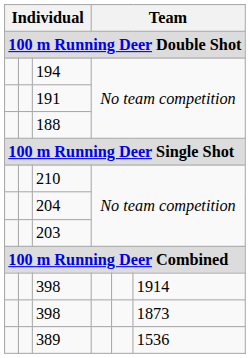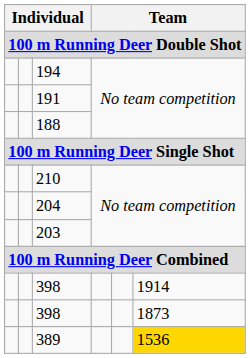 <table class="wikitable" style="font-size: 95%">
 <tr>
 <th colspan=3>Individual</th>
 <th colspan=3>Team</th>
 </tr>
 <tr>
 <td colspan=6 style="background:#dcdcdc"><strong><a href='#'>100 m Running Deer</a> Double Shot</strong></td>
 </tr>
 <tr>
 <td></td>
 <td></td>
 <td>194</td>
 <td colspan=3 rowspan=3 style="text-align: center"><em>No team competition</em></td>
 </tr>
 <tr>
 <td></td>
 <td></td>
 <td>191</td>
 </tr>
 <tr>
 <td></td>
 <td></td>
 <td>188</td>
 </tr>
 <tr>
 <td colspan=6 style="background:#dcdcdc"><strong><a href='#'>100 m Running Deer</a> Single Shot</strong></td>
 </tr>
 <tr>
 <td></td>
 <td></td>
 <td>210</td>
 <td colspan=3 rowspan=3 style="text-align: center"><em>No team competition</em></td>
 </tr>
 <tr>
 <td></td>
 <td></td>
 <td>204</td>
 </tr>
 <tr>
 <td></td>
 <td></td>
 <td>203</td>
 </tr>
 <tr>
 <td colspan=6 style="background:#dcdcdc"><strong><a href='#'>100 m Running Deer</a> Combined</strong></td>
 </tr>
 <tr>
 <td></td>
 <td></td>
 <td>398</td>
 <td></td>
 <td></td>
 <td>1914</td>
 </tr>
 <tr>
 <td></td>
 <td></td>
 <td>398</td>
 <td></td>
 <td></td>
 <td>1873</td>
 </tr>
 <tr>
 <td></td>
 <td></td>
 <td>389</td>
 <td></td>
 <td></td>
-<td>1536</td>
+<td style="background: gold;">1536</td>
 </tr>
 </table>
